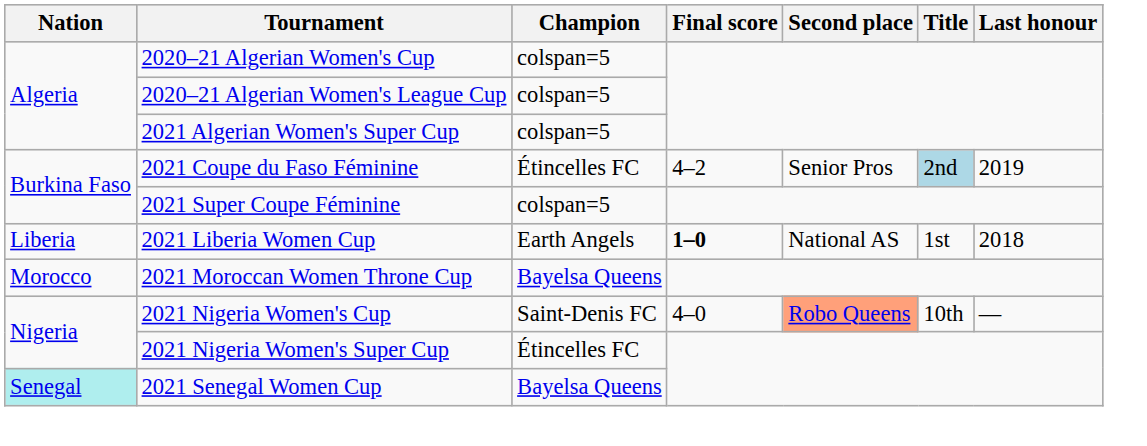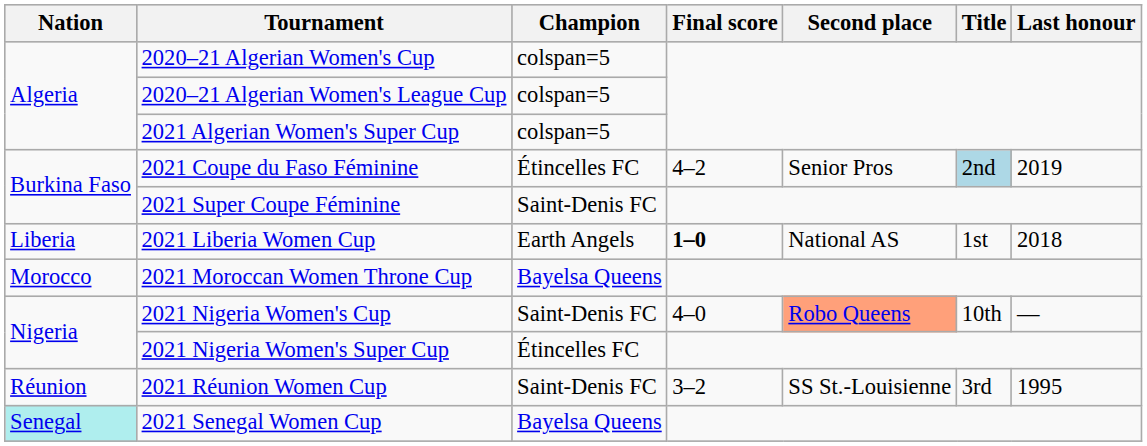 <table class=wikitable style="font-size:14px">
 <tr>
 <th>Nation</th>
 <th>Tournament</th>
 <th>Champion</th>
 <th>Final score</th>
 <th>Second place</th>
 <th data-sort-type="number">Title</th>
 <th>Last honour</th>
 </tr>
 <tr>
 <td rowspan="3"> <a href='#'>Algeria</a></td>
 <td><a href='#'>2020–21 Algerian Women's Cup</a></td>
 <td>colspan=5 </td>
 </tr>
 <tr>
 <td><a href='#'>2020–21 Algerian Women's League Cup</a></td>
 <td>colspan=5 </td>
 </tr>
 <tr>
 <td><a href='#'>2021 Algerian Women's Super Cup</a></td>
 <td>colspan=5 </td>
 </tr>
 <tr>
 <td rowspan="2"> <a href='#'>Burkina Faso</a></td>
 <td><a href='#'>2021 Coupe du Faso Féminine</a></td>
 <td>Étincelles FC</td>
 <td>4–2</td>
 <td>Senior Pros</td>
 <td style="background: lightblue;">2nd</td>
 <td>2019</td>
 </tr>
 <tr>
 <td><a href='#'>2021 Super Coupe Féminine</a></td>
-<td>colspan=5 </td>
+<td>Saint-Denis FC</td>
 </tr>
 <tr>
 <td> <a href='#'>Liberia</a></td>
 <td><a href='#'>2021 Liberia Women Cup</a></td>
 <td>Earth Angels</td>
 <td><strong>1–0</strong></td>
 <td>National AS</td>
 <td>1st</td>
 <td>2018</td>
 </tr>
 <tr>
 <td> <a href='#'>Morocco</a></td>
 <td><a href='#'>2021 Moroccan Women Throne Cup</a></td>
 <td><a href='#'>Bayelsa Queens</a></td>
 </tr>
 <tr>
 <td rowspan="2"> <a href='#'>Nigeria</a></td>
 <td><a href='#'>2021 Nigeria Women's Cup</a></td>
 <td>Saint-Denis FC</td>
 <td>4–0</td>
 <td style="background: lightsalmon;"><a href='#'>Robo Queens</a></td>
 <td>10th</td>
 <td>—</td>
 </tr>
 <tr>
 <td><a href='#'>2021 Nigeria Women's Super Cup</a></td>
 <td>Étincelles FC</td>
 </tr>
 <tr>
+<td> <a href='#'>Réunion</a></td>
+<td><a href='#'>2021 Réunion Women Cup</a></td>
+<td>Saint-Denis FC</td>
+<td>3–2</td>
+<td>SS St.-Louisienne</td>
+<td>3rd</td>
+<td>1995</td>
+</tr>
+<tr>
 <td style="background: paleturquoise;"> <a href='#'>Senegal</a></td>
 <td><a href='#'>2021 Senegal Women Cup</a></td>
 <td><a href='#'>Bayelsa Queens</a></td>
 </tr>
 </table>
